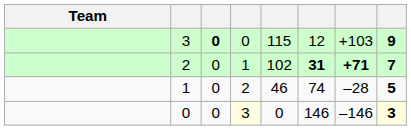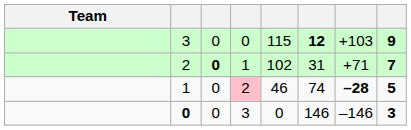 <table class="wikitable" style="text-align:center;">
 <tr>
 <th style="width:10.5em;">Team</th>
 <th style="width:1.5em;"></th>
 <th style="width:1.5em;"></th>
 <th style="width:1.5em;"></th>
 <th style="width:2.0em;"></th>
 <th style="width:2.0em;"></th>
 <th style="width:2.0em;"></th>
 <th style="width:1.5em;"></th>
 </tr>
 <tr bgcolor="#cfc">
 <td align="left"></td>
 <td>3</td>
-<td><strong>0</strong></td>
+<td>0</td>
 <td>0</td>
 <td>115</td>
-<td>12</td>
+<td><strong>12</strong></td>
 <td>+103</td>
 <td><strong>9</strong></td>
 </tr>
 <tr bgcolor="#cfc">
 <td align="left"></td>
 <td>2</td>
-<td>0</td>
+<td><strong>0</strong></td>
 <td>1</td>
 <td>102</td>
-<td><strong>31</strong></td>
-<td><strong>+71</strong></td>
+<td>31</td>
+<td>+71</td>
 <td><strong>7</strong></td>
 </tr>
 <tr>
 <td align="left"></td>
 <td>1</td>
 <td>0</td>
-<td>2</td>
+<td style="background: pink;">2</td>
 <td>46</td>
 <td>74</td>
-<td>–28</td>
+<td><strong>–28</strong></td>
 <td><strong>5</strong></td>
 </tr>
 <tr>
 <td align="left"></td>
+<td><strong>0</strong></td>
 <td>0</td>
-<td>0</td>
-<td style="background: lightyellow;">3</td>
+<td>3</td>
 <td>0</td>
 <td>146</td>
 <td>–146</td>
-<td style="background: lightyellow;"><strong>3</strong></td>
+<td><strong>3</strong></td>
 </tr>
 </table>
